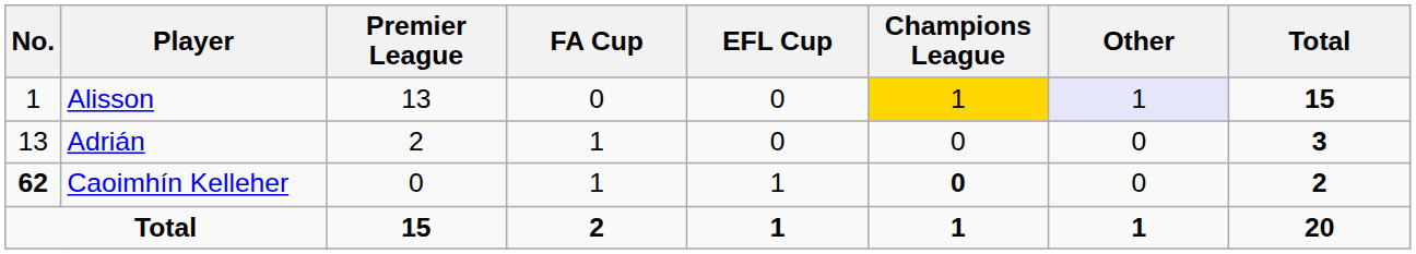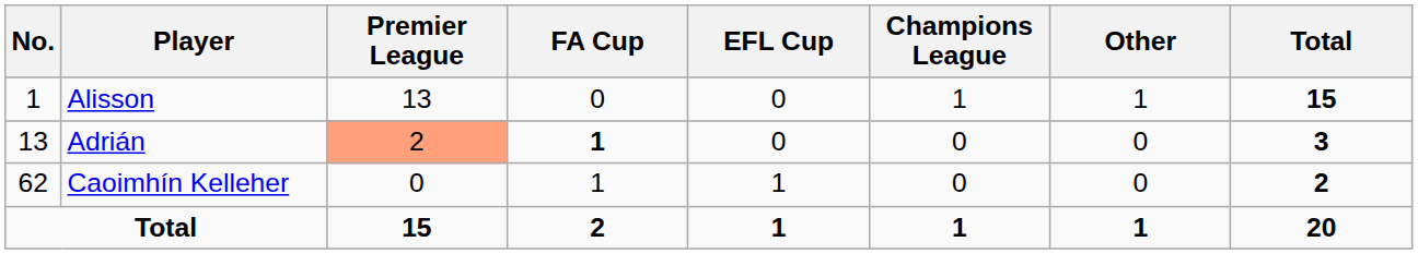 <table class="wikitable sortable alternance" ; style="text-align:center; ">
 <tr>
 <th width=10>No.</th>
 <th width=150>Player</th>
 <th width=100>Premier League</th>
 <th width=100>FA Cup</th>
 <th width=100>EFL Cup</th>
 <th width=100>Champions League</th>
 <th width=100>Other</th>
 <th width=100>Total</th>
 </tr>
 <tr>
 <td>1</td>
 <td align="left"> <a href='#'>Alisson</a></td>
 <td>13</td>
 <td>0</td>
 <td>0</td>
-<td style="background: gold;">1</td>
-<td style="background: lavender;">1</td>
+<td>1</td>
+<td>1</td>
 <td><strong>15</strong></td>
 </tr>
 <tr>
 <td>13</td>
 <td align="left"> <a href='#'>Adrián</a></td>
-<td>2</td>
-<td>1</td>
+<td style="background: lightsalmon;">2</td>
+<td><strong>1</strong></td>
 <td>0</td>
 <td>0</td>
 <td>0</td>
 <td><strong>3</strong></td>
 </tr>
 <tr>
-<td><strong>62</strong></td>
+<td>62</td>
 <td align="left"> <a href='#'>Caoimhín Kelleher</a></td>
 <td>0</td>
 <td>1</td>
 <td>1</td>
-<td><strong>0</strong></td>
+<td>0</td>
 <td>0</td>
 <td><strong>2</strong></td>
 </tr>
 <tr class="sortbottom">
 <td colspan="2"><strong>Total</strong></td>
 <td><strong>15</strong></td>
 <td><strong>2</strong></td>
 <td><strong>1</strong></td>
 <td><strong>1</strong></td>
 <td><strong>1</strong></td>
 <td><strong>20</strong></td>
 </tr>
 </table>
